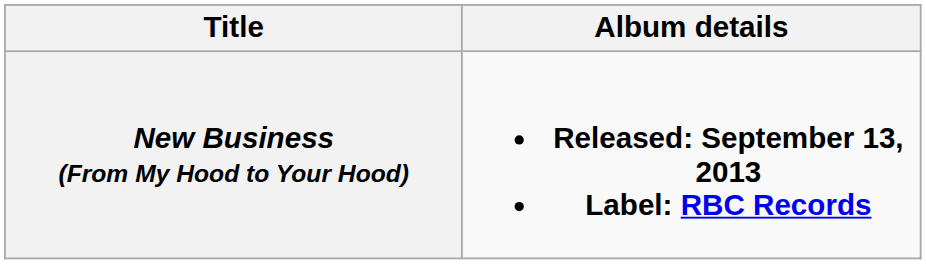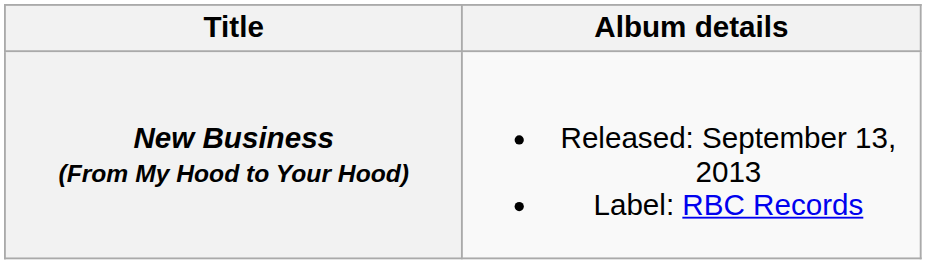 <table class="wikitable plainrowheaders" style="text-align:center;">
 <tr>
 <th scope="col" style="width:15em;">Title</th>
 <th scope="col" style="width:15em;">Album details</th>
 </tr>
 <tr>
 <th scope="row"><em>New Business</em><br><em><small>(From My Hood to Your Hood)</small></em></th>
-<td><strong><br><ul><li>Released: September 13, 2013</li><li>Label: <a href='#'>RBC Records</a></li></ul></strong></td>
+<td><br><ul><li>Released: September 13, 2013</li><li>Label: <a href='#'>RBC Records</a></li></ul></td>
 </tr>
 </table>
